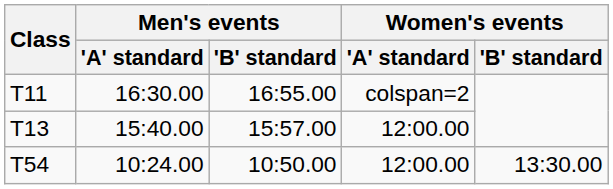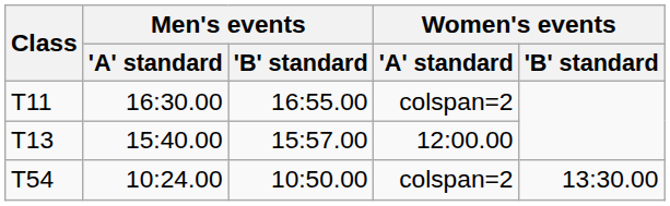 <table class="wikitable" style="text-align:right">
 <tr>
 <th rowspan="2">Class</th>
 <th colspan="2">Men's events</th>
 <th colspan="2">Women's events</th>
 </tr>
 <tr style="font-size:95%">
 <th>'A' standard</th>
 <th>'B' standard</th>
 <th>'A' standard</th>
 <th>'B' standard</th>
 </tr>
 <tr>
 <td style="text-align:left">T11</td>
 <td>16:30.00</td>
 <td>16:55.00</td>
 <td>colspan=2 </td>
 </tr>
 <tr>
 <td style="text-align:left">T13</td>
 <td>15:40.00</td>
 <td>15:57.00</td>
 <td>12:00.00</td>
 </tr>
 <tr>
 <td style="text-align:left">T54</td>
 <td>10:24.00</td>
 <td>10:50.00</td>
-<td>12:00.00</td>
+<td>colspan=2 </td>
 <td>13:30.00</td>
 </tr>
 </table>
